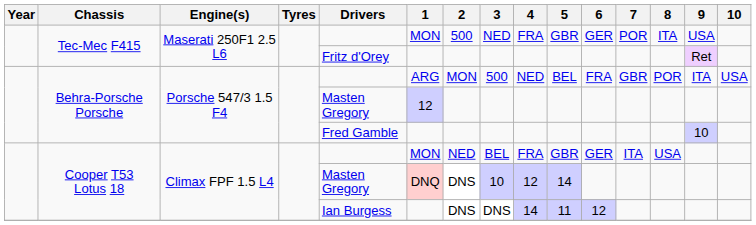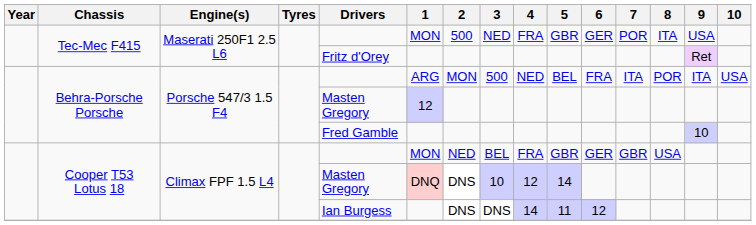 <table class="wikitable" style="text-align:center; font-size:95%">
 <tr>
 <th>Year</th>
 <th>Chassis</th>
 <th>Engine(s)</th>
 <th>Tyres</th>
 <th>Drivers</th>
 <th>1</th>
 <th>2</th>
 <th>3</th>
 <th>4</th>
 <th>5</th>
 <th>6</th>
 <th>7</th>
 <th>8</th>
 <th>9</th>
 <th>10</th>
 </tr>
 <tr>
 <td rowspan=2></td>
 <td rowspan=2><a href='#'>Tec-Mec</a> <a href='#'>F415</a></td>
 <td rowspan=2><a href='#'>Maserati</a> 250F1 2.5 <a href='#'>L6</a></td>
 <td rowspan=2></td>
 <td></td>
 <td><a href='#'>MON</a></td>
 <td><a href='#'>500</a></td>
 <td><a href='#'>NED</a></td>
 <td><a href='#'>FRA</a></td>
 <td><a href='#'>GBR</a></td>
 <td><a href='#'>GER</a></td>
 <td><a href='#'>POR</a></td>
 <td><a href='#'>ITA</a></td>
 <td><a href='#'>USA</a></td>
 <td></td>
 </tr>
 <tr>
 <td align="left"> <a href='#'>Fritz d'Orey</a></td>
 <td></td>
 <td></td>
 <td></td>
 <td></td>
 <td></td>
 <td></td>
 <td></td>
 <td></td>
 <td style="background:#EFCFFF;">Ret</td>
 <td></td>
 </tr>
 <tr>
 <td rowspan=3></td>
 <td rowspan=3><a href='#'>Behra-Porsche</a> <a href='#'>Porsche</a></td>
 <td rowspan=3><a href='#'>Porsche</a> 547/3 1.5 <a href='#'>F4</a></td>
 <td rowspan=3></td>
 <td></td>
 <td><a href='#'>ARG</a></td>
 <td><a href='#'>MON</a></td>
 <td><a href='#'>500</a></td>
 <td><a href='#'>NED</a></td>
 <td><a href='#'>BEL</a></td>
 <td><a href='#'>FRA</a></td>
-<td><a href='#'>GBR</a></td>
+<td><a href='#'>ITA</a></td>
 <td><a href='#'>POR</a></td>
 <td><a href='#'>ITA</a></td>
 <td><a href='#'>USA</a></td>
 </tr>
 <tr>
 <td align="left"> <a href='#'>Masten Gregory</a></td>
 <td style="background:#CFCFFF;">12</td>
 <td></td>
 <td></td>
 <td></td>
 <td></td>
 <td></td>
 <td></td>
 <td></td>
 <td></td>
 <td></td>
 </tr>
 <tr>
 <td align="left"> <a href='#'>Fred Gamble</a></td>
 <td></td>
 <td></td>
 <td></td>
 <td></td>
 <td></td>
 <td></td>
 <td></td>
 <td></td>
 <td style="background:#CFCFFF;">10</td>
 <td></td>
 </tr>
 <tr>
 <td rowspan=3></td>
 <td rowspan=3><a href='#'>Cooper</a> <a href='#'>T53</a><br><a href='#'>Lotus</a> <a href='#'>18</a></td>
 <td rowspan=3><a href='#'>Climax</a> FPF 1.5  <a href='#'>L4</a></td>
 <td rowspan=3></td>
 <td></td>
 <td><a href='#'>MON</a></td>
 <td><a href='#'>NED</a></td>
 <td><a href='#'>BEL</a></td>
 <td><a href='#'>FRA</a></td>
 <td><a href='#'>GBR</a></td>
 <td><a href='#'>GER</a></td>
-<td><a href='#'>ITA</a></td>
+<td><a href='#'>GBR</a></td>
 <td><a href='#'>USA</a></td>
 <td></td>
 <td></td>
 </tr>
 <tr>
 <td align="left"> <a href='#'>Masten Gregory</a></td>
 <td style="background:#FFCFCF;">DNQ</td>
 <td style="background:#FFFFFF;">DNS</td>
 <td style="background:#CFCFFF;">10</td>
 <td style="background:#CFCFFF;">12</td>
 <td style="background:#CFCFFF;">14</td>
 <td></td>
 <td></td>
 <td></td>
 <td></td>
 <td></td>
 </tr>
 <tr>
 <td align="left"> <a href='#'>Ian Burgess</a></td>
 <td></td>
 <td style="background:#FFFFFF;">DNS</td>
 <td style="background:#FFFFFF;">DNS</td>
 <td style="background:#CFCFFF;">14</td>
 <td style="background:#CFCFFF;">11</td>
 <td style="background:#CFCFFF;">12</td>
 <td></td>
 <td></td>
 <td></td>
 <td></td>
 </tr>
 <tr>
 </tr>
 </table>
